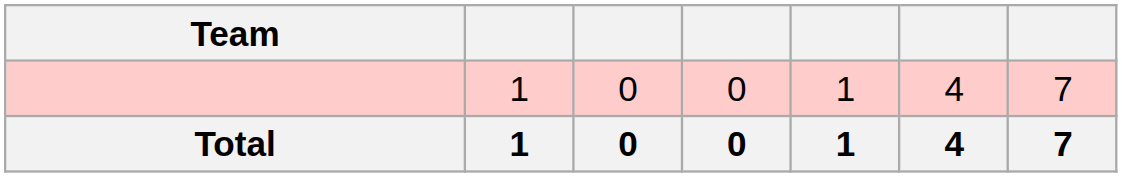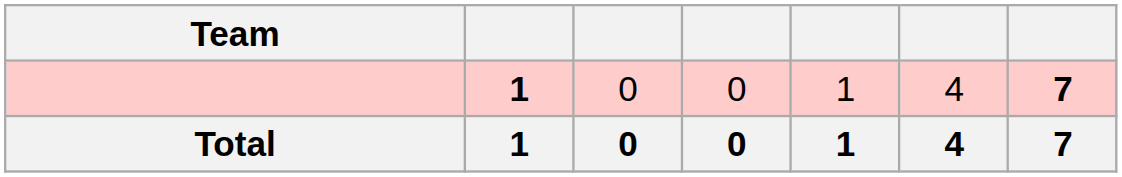 <table class="wikitable" style="font-size:95%; text-align:center">
 <tr>
 <th width=192>Team</th>
 <th width=40></th>
 <th width=40></th>
 <th width=40></th>
 <th width=40></th>
 <th width=40></th>
 <th width=40></th>
 </tr>
 <tr style="background:#ffcccc;">
 <td style="text-align:left;"></td>
-<td>1</td>
+<td><strong>1</strong></td>
 <td>0</td>
 <td>0</td>
 <td>1</td>
 <td>4</td>
-<td>7</td>
+<td><strong>7</strong></td>
 </tr>
 <tr>
 <th>Total</th>
 <th>1</th>
 <th>0</th>
 <th>0</th>
 <th>1</th>
 <th>4</th>
 <th>7</th>
 </tr>
 </table>
